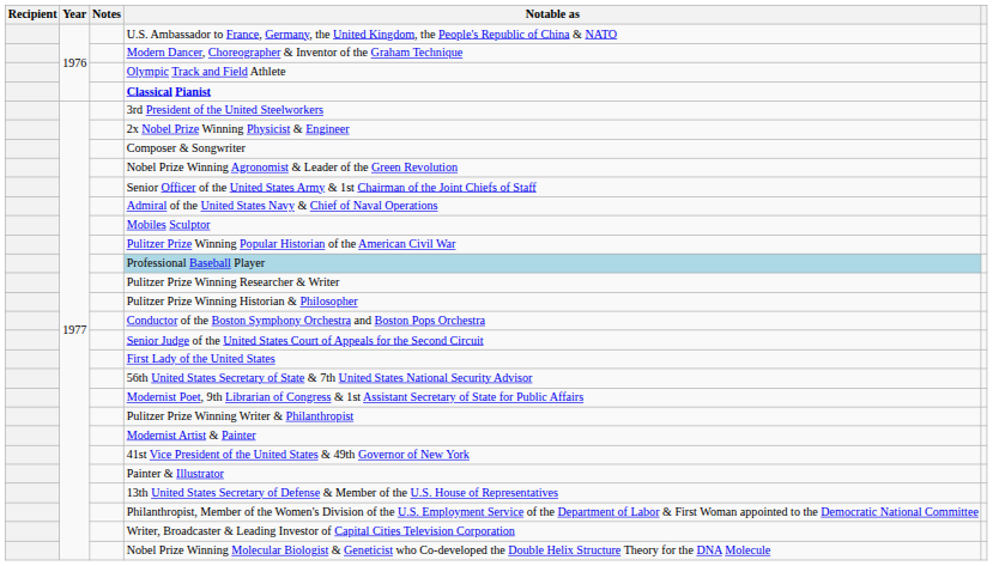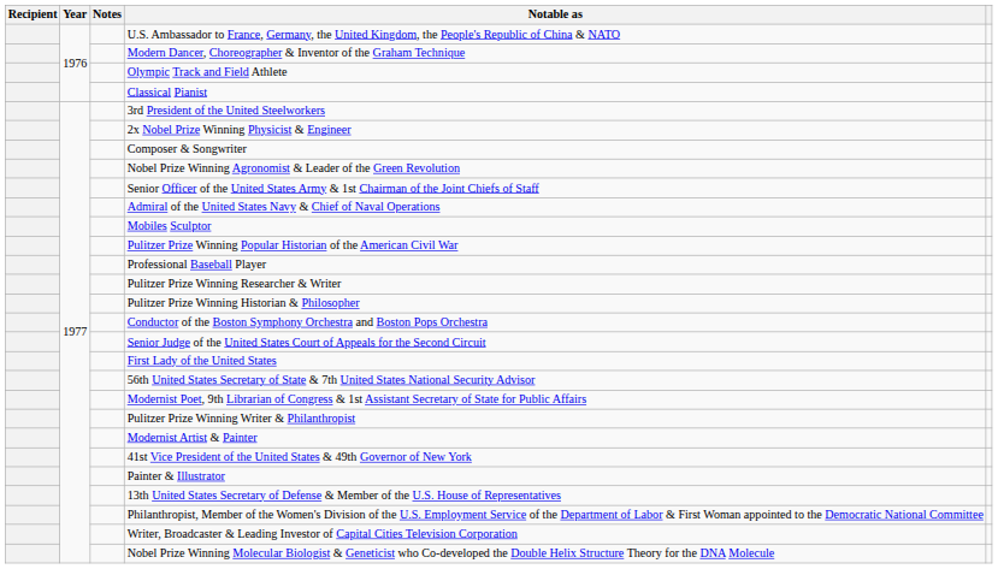 <table class="wikitable sortable plainrowheaders">
 <tr>
 <th>Recipient</th>
 <th>Year</th>
 <th>Notes</th>
 <th>Notable as</th>
 <th class="unsortable"></th>
 </tr>
 <tr>
 <th scope="row"></th>
 <td rowspan="4">1976</td>
 <td></td>
 <td>U.S. Ambassador to <a href='#'>France</a>, <a href='#'>Germany</a>, the <a href='#'>United Kingdom</a>, the <a href='#'>People's Republic of China</a> & <a href='#'>NATO</a></td>
 <td></td>
 </tr>
 <tr>
 <th scope="row"></th>
 <td></td>
 <td><a href='#'>Modern Dancer</a>, <a href='#'>Choreographer</a> & Inventor of the <a href='#'>Graham Technique</a></td>
 <td></td>
 </tr>
 <tr>
 <th scope="row"></th>
 <td></td>
 <td><a href='#'>Olympic</a> <a href='#'>Track and Field</a> Athlete</td>
 <td></td>
 </tr>
 <tr>
 <th scope="row"></th>
 <td></td>
-<td><strong><a href='#'>Classical</a> <a href='#'>Pianist</a></strong></td>
+<td><a href='#'>Classical</a> <a href='#'>Pianist</a></td>
 <td></td>
 </tr>
 <tr>
 <th scope="row"></th>
 <td rowspan="24">1977</td>
 <td></td>
 <td>3rd <a href='#'>President of the United Steelworkers</a></td>
 <td></td>
 </tr>
 <tr>
 <th scope="row"></th>
 <td></td>
 <td>2x <a href='#'>Nobel Prize</a> Winning <a href='#'>Physicist</a> & <a href='#'>Engineer</a></td>
 <td></td>
 </tr>
 <tr>
 <th scope="row"></th>
 <td></td>
 <td>Composer & Songwriter</td>
 <td></td>
 </tr>
 <tr>
 <th scope="row"></th>
 <td></td>
 <td>Nobel Prize Winning <a href='#'>Agronomist</a> & Leader of the <a href='#'>Green Revolution</a></td>
 <td></td>
 </tr>
 <tr>
 <th scope="row"></th>
 <td></td>
 <td>Senior <a href='#'>Officer</a> of the <a href='#'>United States Army</a> & 1st <a href='#'>Chairman of the Joint Chiefs of Staff</a></td>
 <td></td>
 </tr>
 <tr>
 <th scope="row"></th>
 <td></td>
 <td><a href='#'>Admiral</a> of the <a href='#'>United States Navy</a> & <a href='#'>Chief of Naval Operations</a></td>
 <td></td>
 </tr>
 <tr>
 <th scope="row"></th>
 <td></td>
 <td><a href='#'>Mobiles</a> <a href='#'>Sculptor</a></td>
 <td></td>
 </tr>
 <tr>
 <th scope="row"></th>
 <td></td>
 <td><a href='#'>Pulitzer Prize</a> Winning <a href='#'>Popular Historian</a> of the <a href='#'>American Civil War</a></td>
 <td></td>
 </tr>
 <tr>
 <th scope="row"></th>
 <td></td>
-<td style="background: lightblue;">Professional <a href='#'>Baseball</a> Player</td>
+<td>Professional <a href='#'>Baseball</a> Player</td>
 <td></td>
 </tr>
 <tr>
 <th scope="row"></th>
 <td></td>
 <td>Pulitzer Prize Winning Researcher & Writer</td>
 <td></td>
 </tr>
 <tr>
 <th scope="row"></th>
 <td></td>
 <td>Pulitzer Prize Winning Historian & <a href='#'>Philosopher</a></td>
 <td></td>
 </tr>
 <tr>
 <th scope="row"></th>
 <td></td>
 <td><a href='#'>Conductor</a> of the <a href='#'>Boston Symphony Orchestra</a> and <a href='#'>Boston Pops Orchestra</a></td>
 <td></td>
 </tr>
 <tr>
 <th scope="row"></th>
 <td></td>
 <td><a href='#'>Senior Judge</a> of the <a href='#'>United States Court of Appeals for the Second Circuit</a></td>
 <td></td>
 </tr>
 <tr>
 <th scope="row"></th>
 <td></td>
 <td><a href='#'>First Lady of the United States</a></td>
 <td></td>
 </tr>
 <tr>
 <th scope="row"></th>
 <td></td>
 <td>56th <a href='#'>United States Secretary of State</a> & 7th <a href='#'>United States National Security Advisor</a></td>
 <td></td>
 </tr>
 <tr>
 <th scope="row"></th>
 <td></td>
 <td><a href='#'>Modernist Poet</a>, 9th <a href='#'>Librarian of Congress</a> & 1st <a href='#'>Assistant Secretary of State for Public Affairs</a></td>
 <td></td>
 </tr>
 <tr>
 <th scope="row"></th>
 <td></td>
 <td>Pulitzer Prize Winning Writer & <a href='#'>Philanthropist</a></td>
 <td></td>
 </tr>
 <tr>
 <th scope="row"></th>
 <td></td>
 <td><a href='#'>Modernist Artist</a> & <a href='#'>Painter</a></td>
 <td></td>
 </tr>
 <tr>
 <th scope="row"></th>
 <td></td>
 <td>41st <a href='#'>Vice President of the United States</a> & 49th <a href='#'>Governor of New York</a></td>
 <td></td>
 </tr>
 <tr>
 <th scope="row"></th>
 <td></td>
 <td>Painter & <a href='#'>Illustrator</a></td>
 <td></td>
 </tr>
 <tr>
 <th scope="row"></th>
 <td></td>
 <td>13th <a href='#'>United States Secretary of Defense</a> & Member of the <a href='#'>U.S. House of Representatives</a></td>
 <td></td>
 </tr>
 <tr>
 <th scope="row"></th>
 <td></td>
 <td>Philanthropist, Member of the Women's Division of the <a href='#'>U.S. Employment Service</a> of the <a href='#'>Department of Labor</a> & First Woman appointed to the <a href='#'>Democratic National Committee</a></td>
 <td></td>
 </tr>
 <tr>
 <th scope="row"></th>
 <td></td>
 <td>Writer, Broadcaster & Leading Investor of <a href='#'>Capital Cities Television Corporation</a></td>
 <td></td>
 </tr>
 <tr>
 <th scope="row"></th>
 <td></td>
 <td>Nobel Prize Winning <a href='#'>Molecular Biologist</a> & <a href='#'>Geneticist</a> who Co-developed the <a href='#'>Double Helix Structure</a> Theory for the <a href='#'>DNA</a> <a href='#'>Molecule</a></td>
 <td></td>
 </tr>
 </table>
